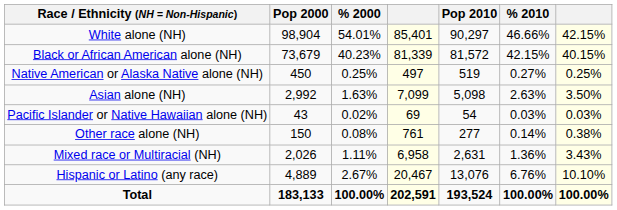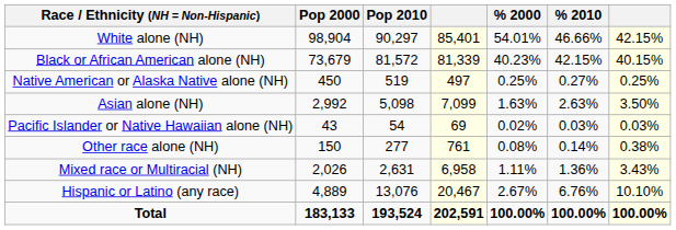 <table class="wikitable" style="text-align:center;">
 <tr>
 <th>Race / Ethnicity <small>(<em>NH = Non-Hispanic</em>)</small></th>
 <th>Pop 2000</th>
+<th>Pop 2010</th>
+<th></th>
 <th>% 2000</th>
-<th></th>
-<th>Pop 2010</th>
 <th>% 2010</th>
 <th></th>
 </tr>
 <tr>
 <td><a href='#'>White</a> alone (NH)</td>
 <td>98,904</td>
+<td>90,297</td>
+<td style='background: #ffffe6;'>85,401</td>
 <td>54.01%</td>
-<td style='background: #ffffe6;'>85,401</td>
-<td>90,297</td>
 <td>46.66%</td>
 <td style='background: #ffffe6;'>42.15%</td>
 </tr>
 <tr>
 <td><a href='#'>Black or African American</a> alone (NH)</td>
 <td>73,679</td>
+<td>81,572</td>
+<td style='background: #ffffe6;'>81,339</td>
 <td>40.23%</td>
-<td style='background: #ffffe6;'>81,339</td>
-<td>81,572</td>
 <td>42.15%</td>
 <td style='background: #ffffe6;'>40.15%</td>
 </tr>
 <tr>
 <td><a href='#'>Native American</a> or <a href='#'>Alaska Native</a> alone (NH)</td>
 <td>450</td>
+<td>519</td>
+<td style='background: #ffffe6;'>497</td>
 <td>0.25%</td>
-<td style='background: #ffffe6;'>497</td>
-<td>519</td>
 <td>0.27%</td>
 <td style='background: #ffffe6;'>0.25%</td>
 </tr>
 <tr>
 <td><a href='#'>Asian</a> alone (NH)</td>
 <td>2,992</td>
+<td>5,098</td>
+<td style='background: #ffffe6;'>7,099</td>
 <td>1.63%</td>
-<td style='background: #ffffe6;'>7,099</td>
-<td>5,098</td>
 <td>2.63%</td>
 <td style='background: #ffffe6;'>3.50%</td>
 </tr>
 <tr>
 <td><a href='#'>Pacific Islander</a> or <a href='#'>Native Hawaiian</a> alone (NH)</td>
 <td>43</td>
+<td>54</td>
+<td style='background: #ffffe6;'>69</td>
 <td>0.02%</td>
-<td style='background: #ffffe6;'>69</td>
-<td>54</td>
 <td>0.03%</td>
 <td style='background: #ffffe6;'>0.03%</td>
 </tr>
 <tr>
 <td><a href='#'>Other race</a> alone (NH)</td>
 <td>150</td>
+<td>277</td>
+<td style='background: #ffffe6;'>761</td>
 <td>0.08%</td>
-<td style='background: #ffffe6;'>761</td>
-<td>277</td>
 <td>0.14%</td>
 <td style='background: #ffffe6;'>0.38%</td>
 </tr>
 <tr>
 <td><a href='#'>Mixed race or Multiracial</a> (NH)</td>
 <td>2,026</td>
+<td>2,631</td>
+<td style='background: #ffffe6;'>6,958</td>
 <td>1.11%</td>
-<td style='background: #ffffe6;'>6,958</td>
-<td>2,631</td>
 <td>1.36%</td>
 <td style='background: #ffffe6;'>3.43%</td>
 </tr>
 <tr>
 <td><a href='#'>Hispanic or Latino</a> (any race)</td>
 <td>4,889</td>
+<td>13,076</td>
+<td style='background: #ffffe6;'>20,467</td>
 <td>2.67%</td>
-<td style='background: #ffffe6;'>20,467</td>
-<td>13,076</td>
 <td>6.76%</td>
 <td style='background: #ffffe6;'>10.10%</td>
 </tr>
 <tr>
 <td><strong>Total</strong></td>
 <td><strong>183,133</strong></td>
+<td><strong>193,524</strong></td>
+<td style='background: #ffffe6;'><strong>202,591</strong></td>
 <td><strong>100.00%</strong></td>
-<td style='background: #ffffe6;'><strong>202,591</strong></td>
-<td><strong>193,524</strong></td>
 <td><strong>100.00%</strong></td>
 <td style='background: #ffffe6;'><strong>100.00%</strong></td>
 </tr>
 </table>
